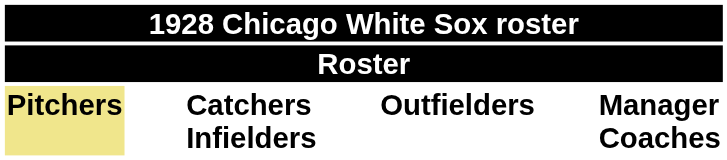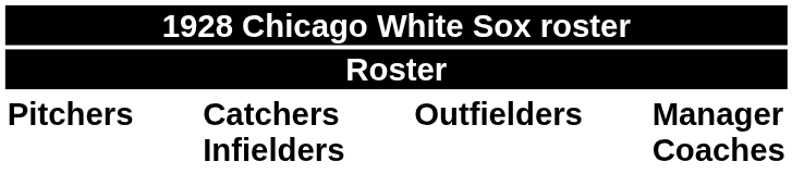 <table class="toccolours" style="font-size: 95%;">
 <tr>
 <th colspan="10" style="background-color: black; color: white; text-align: center;">1928 Chicago White Sox roster</th>
 </tr>
 <tr>
 <td colspan="10" style="background-color: black; color: white; text-align: center;"><strong>Roster</strong></td>
 </tr>
 <tr>
-<td valign="top" style="background: khaki;"><strong>Pitchers</strong><br>              </td>
+<td valign="top"><strong>Pitchers</strong><br>              </td>
 <td width="25px"></td>
 <td valign="top"><strong>Catchers</strong><br>    <strong>Infielders</strong>        </td>
 <td width="25px"></td>
 <td valign="top"><strong>Outfielders</strong><br>      </td>
 <td width="25px"></td>
 <td valign="top"><strong>Manager</strong><br>  <strong>Coaches</strong>  </td>
 </tr>
 </table>
